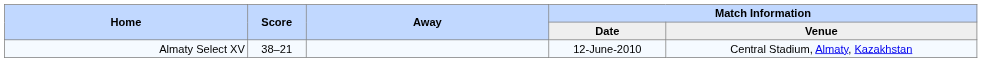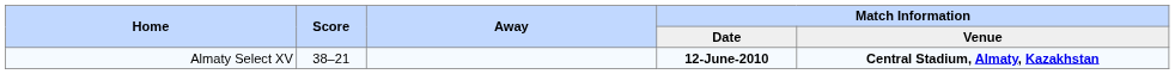 <table border=1 style="border-collapse:collapse; font-size:90%; text-align:center;" cellpadding=3 cellspacing=0 width=100%>
 <tr bgcolor=#C1D8FF>
 <th rowspan=2 width=25%>Home</th>
 <th rowspan=2 width=6%>Score</th>
 <th rowspan=2 width=25%>Away</th>
 <th colspan=6>Match Information</th>
 </tr>
 <tr bgcolor=#EFEFEF>
 <th width=12%>Date</th>
 <th width=32%>Venue</th>
 </tr>
 <tr bgcolor=#F5FAFF>
 <td align=right>Almaty Select XV </td>
 <td>38–21</td>
 <td align=left></td>
-<td>12-June-2010</td>
-<td>Central Stadium, <a href='#'>Almaty</a>, <a href='#'>Kazakhstan</a></td>
+<td><strong>12-June-2010</strong></td>
+<td><strong>Central Stadium, <a href='#'>Almaty</a>, <a href='#'>Kazakhstan</a></strong></td>
 </tr>
 </table>
